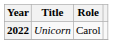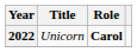 <table class="wikitable  plainrowheaders">
 <tr>
 <th scope="col">Year</th>
 <th scope="col">Title</th>
 <th scope="col">Role</th>
 <th scope="col" class="unsortable"></th>
 </tr>
 <tr>
 <th scope="row">2022</th>
 <td><em>Unicorn</em></td>
-<td>Carol</td>
+<td><strong>Carol</strong></td>
 <td></td>
 </tr>
 <tr>
 </tr>
 </table>
